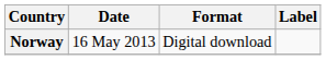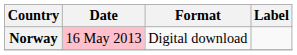 <table class="wikitable plainrowheaders">
 <tr>
 <th scope="col">Country</th>
 <th scope="col">Date</th>
 <th scope="col">Format</th>
 <th scope="col">Label</th>
 </tr>
 <tr>
 <th scope="row">Norway</th>
-<td>16 May 2013</td>
+<td style="background: pink;">16 May 2013</td>
 <td>Digital download</td>
 <td></td>
 </tr>
 <tr>
 </tr>
 </table>
